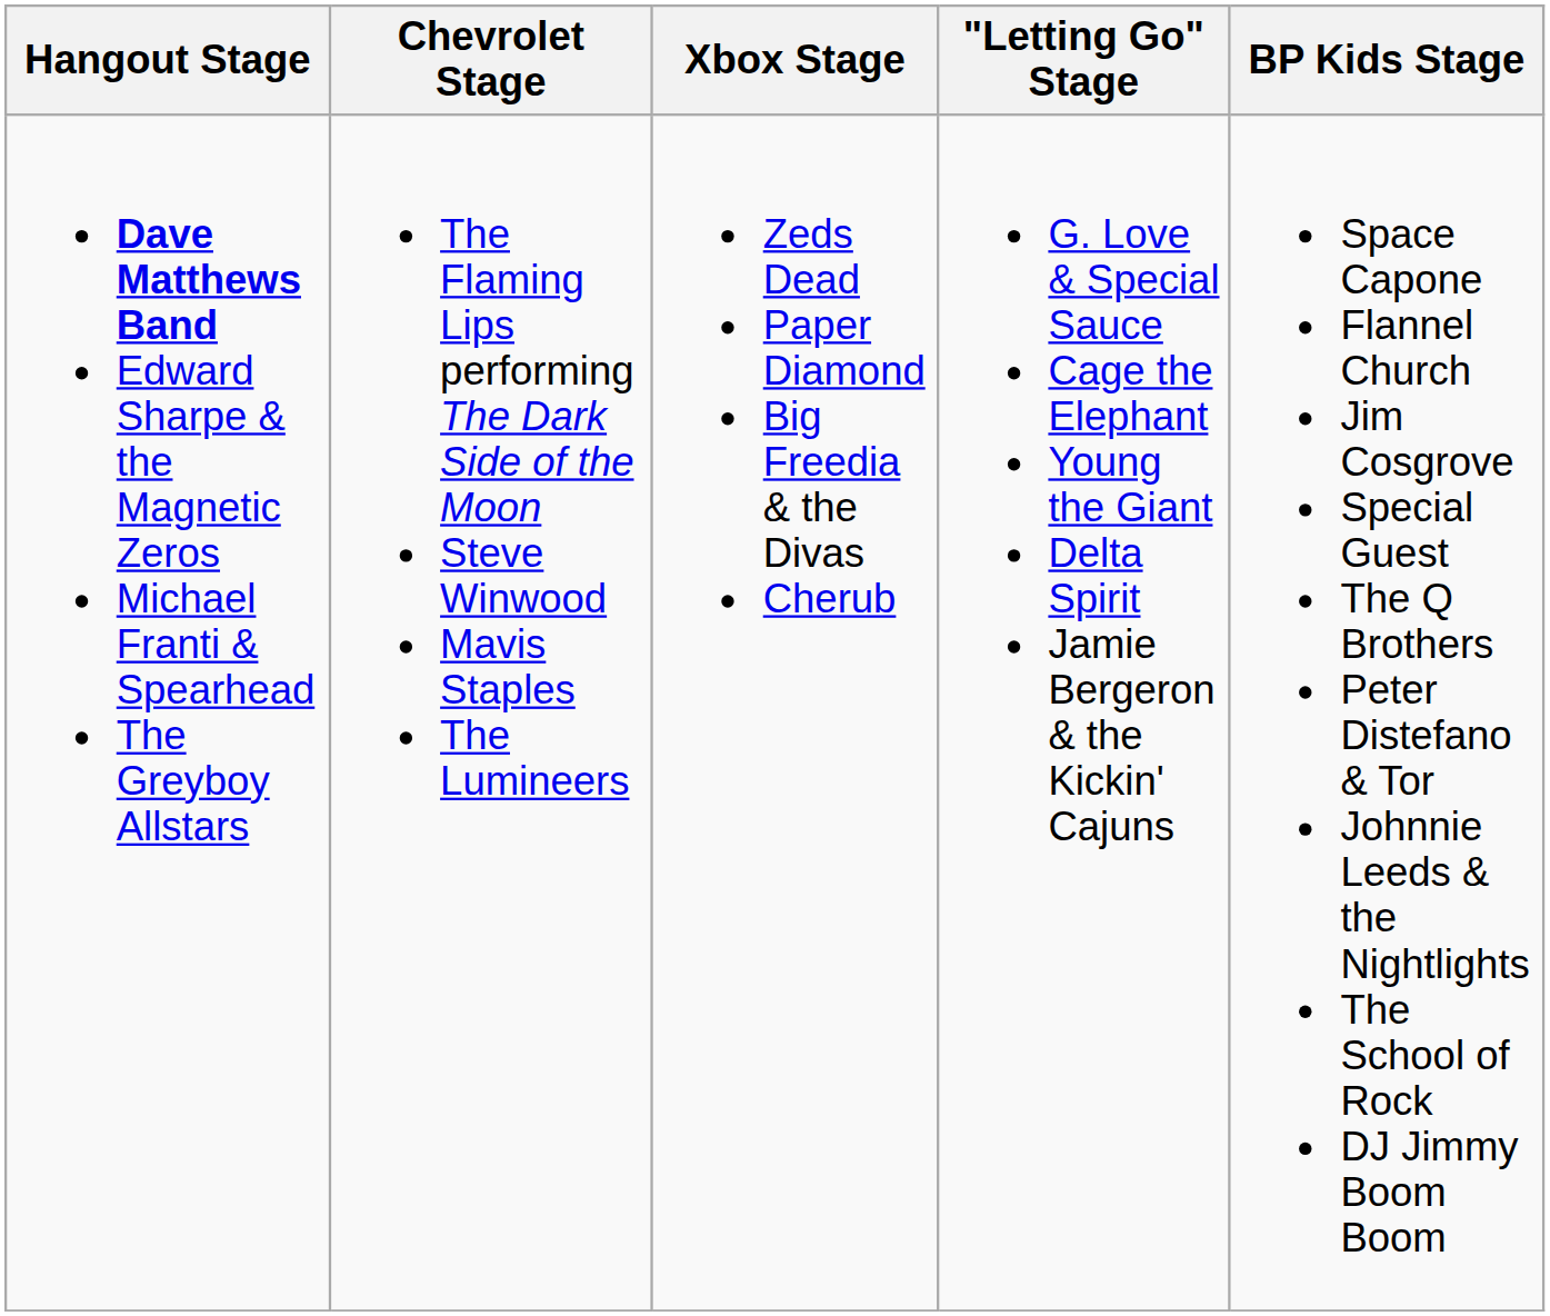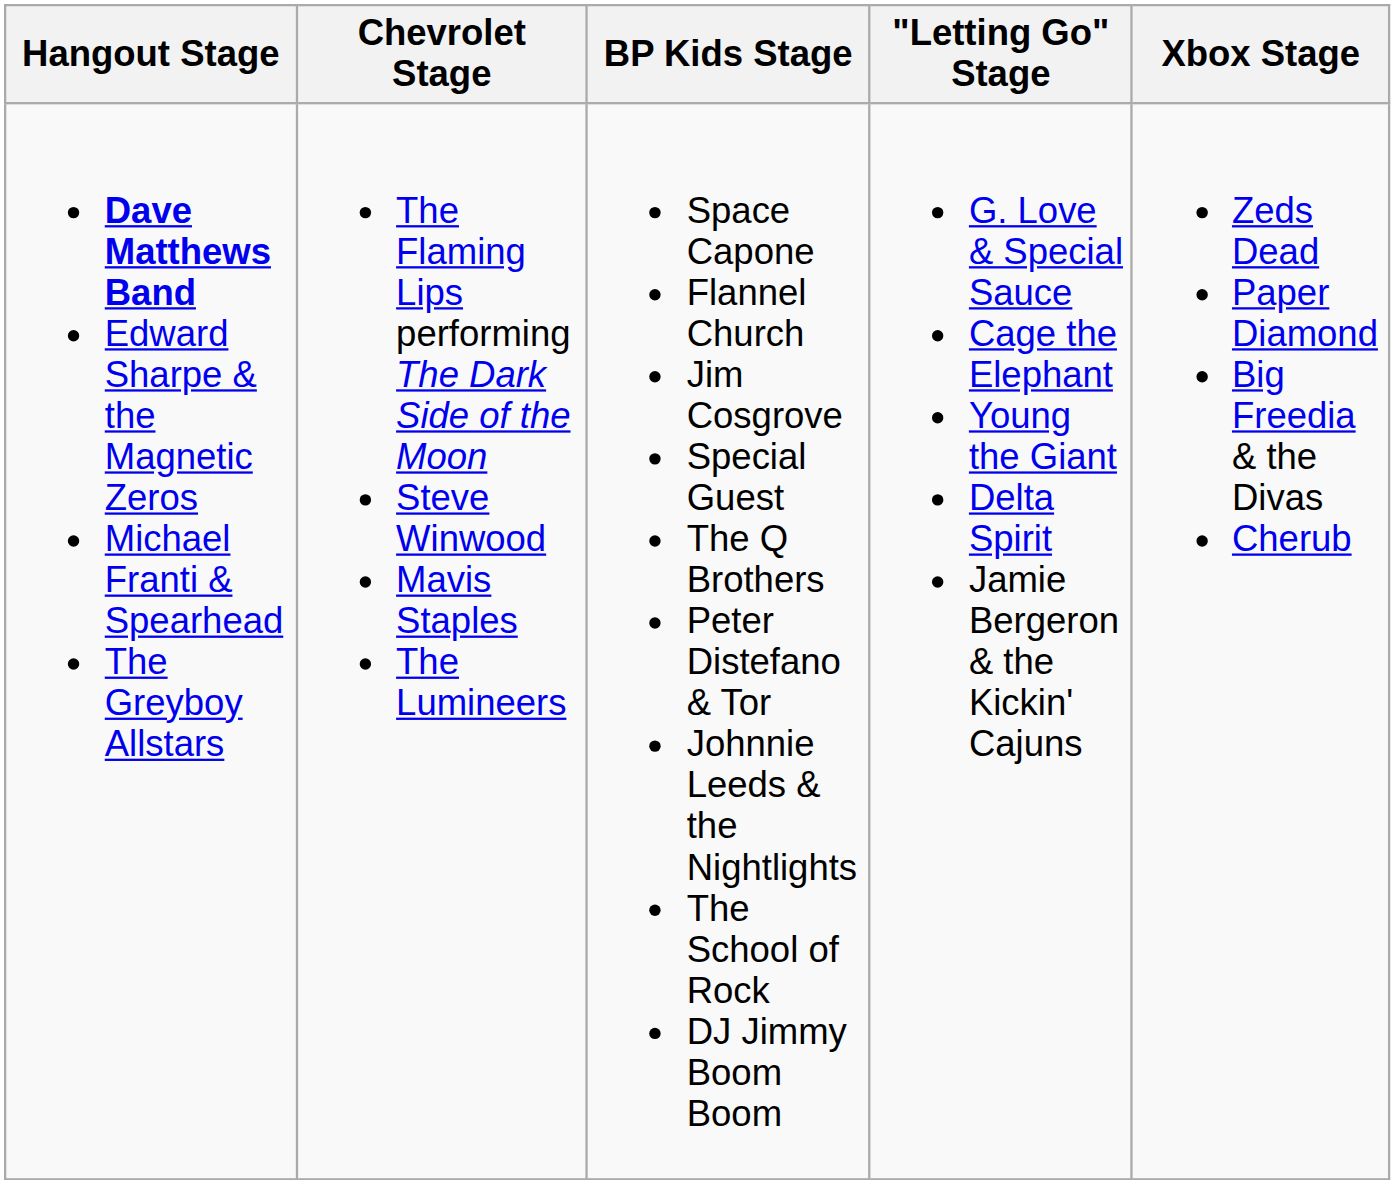 <table class="wikitable">
 <tr>
 <th>Hangout Stage</th>
 <th>Chevrolet Stage</th>
+<th>BP Kids Stage</th>
+<th>"Letting Go" Stage</th>
 <th>Xbox Stage</th>
-<th>"Letting Go" Stage</th>
-<th>BP Kids Stage</th>
 </tr>
 <tr valign="top">
 <td><br><ul><li><strong><a href='#'>Dave Matthews Band</a></strong></li><li><a href='#'>Edward Sharpe & the Magnetic Zeros</a></li><li><a href='#'>Michael Franti & Spearhead</a></li><li><a href='#'>The Greyboy Allstars</a></li></ul></td>
 <td><br><ul><li><a href='#'>The Flaming Lips</a> performing <em><a href='#'>The Dark Side of the Moon</a></em></li><li><a href='#'>Steve Winwood</a></li><li><a href='#'>Mavis Staples</a></li><li><a href='#'>The Lumineers</a></li></ul></td>
+<td><br><ul><li>Space Capone</li><li>Flannel Church</li><li>Jim Cosgrove</li><li>Special Guest</li><li>The Q Brothers</li><li>Peter Distefano & Tor</li><li>Johnnie Leeds & the Nightlights</li><li>The School of Rock</li><li>DJ Jimmy Boom Boom</li></ul></td>
+<td><br><ul><li><a href='#'>G. Love & Special Sauce</a></li><li><a href='#'>Cage the Elephant</a></li><li><a href='#'>Young the Giant</a></li><li><a href='#'>Delta Spirit</a></li><li>Jamie Bergeron & the Kickin' Cajuns</li></ul></td>
 <td><br><ul><li><a href='#'>Zeds Dead</a></li><li><a href='#'>Paper Diamond</a></li><li><a href='#'>Big Freedia</a> & the Divas</li><li><a href='#'>Cherub</a></li></ul></td>
-<td><br><ul><li><a href='#'>G. Love & Special Sauce</a></li><li><a href='#'>Cage the Elephant</a></li><li><a href='#'>Young the Giant</a></li><li><a href='#'>Delta Spirit</a></li><li>Jamie Bergeron & the Kickin' Cajuns</li></ul></td>
-<td><br><ul><li>Space Capone</li><li>Flannel Church</li><li>Jim Cosgrove</li><li>Special Guest</li><li>The Q Brothers</li><li>Peter Distefano & Tor</li><li>Johnnie Leeds & the Nightlights</li><li>The School of Rock</li><li>DJ Jimmy Boom Boom</li></ul></td>
 </tr>
 </table>
